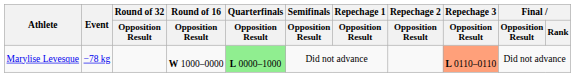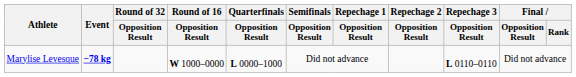 <table class="wikitable" style="font-size:90%">
 <tr>
 <th rowspan="2">Athlete</th>
 <th rowspan="2">Event</th>
 <th>Round of 32</th>
 <th>Round of 16</th>
 <th>Quarterfinals</th>
 <th>Semifinals</th>
 <th>Repechage 1</th>
 <th>Repechage 2</th>
 <th>Repechage 3</th>
 <th colspan=2>Final / </th>
 </tr>
 <tr style="font-size:95%">
 <th>Opposition<br>Result</th>
 <th>Opposition<br>Result</th>
 <th>Opposition<br>Result</th>
 <th>Opposition<br>Result</th>
 <th>Opposition<br>Result</th>
 <th>Opposition<br>Result</th>
 <th>Opposition<br>Result</th>
 <th>Opposition<br>Result</th>
 <th>Rank</th>
 </tr>
 <tr align=center>
 <td align=left><a href='#'>Marylise Levesque</a></td>
-<td align=left><a href='#'>−78 kg</a></td>
+<td align=left><strong><a href='#'>−78 kg</a></strong></td>
 <td></td>
 <td> <br><strong>W</strong> 1000–0000</td>
-<td style="background: lightgreen;"> <br><strong>L</strong> 0000–1000</td>
+<td> <br><strong>L</strong> 0000–1000</td>
 <td colspan=2>Did not advance</td>
 <td></td>
-<td style="background: lightsalmon;"><br><strong>L</strong> 0110–0110</td>
+<td><br><strong>L</strong> 0110–0110</td>
 <td colspan=3>Did not advance</td>
 </tr>
 </table>
